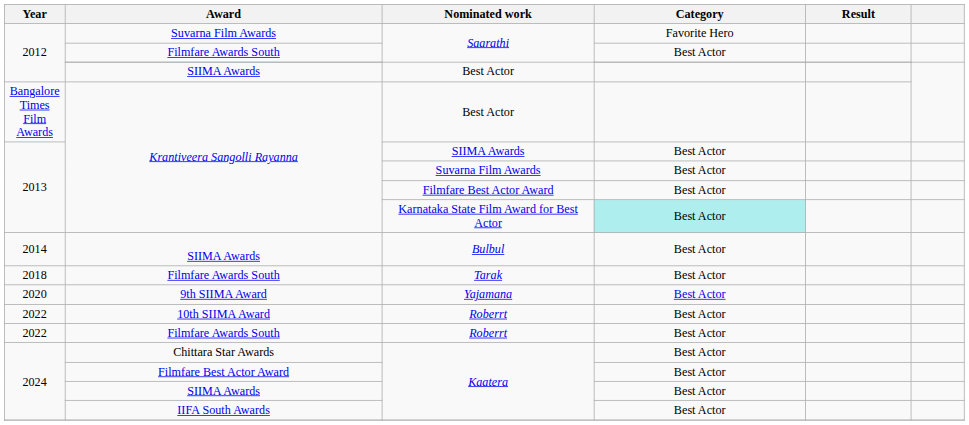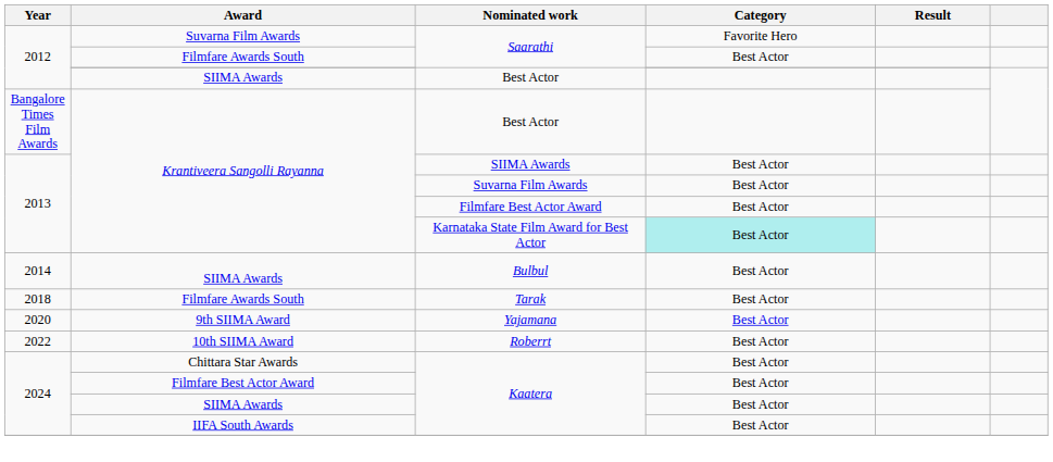 <table class="wikitable" width=100%>
 <tr>
 <th width=5%>Year</th>
 <th width=30%>Award</th>
 <th width=20%>Nominated work</th>
 <th width=20%>Category</th>
 <th width=10%>Result</th>
 <th width=5%></th>
 </tr>
 <tr>
 <td rowspan="4" style="text-align:center;">2012</td>
 <td style="text-align:center;"><a href='#'>Suvarna Film Awards</a></td>
 <td rowspan="3" style="text-align: center;"><em><a href='#'>Saarathi</a></em></td>
 <td style="text-align: center;">Favorite Hero</td>
 <td></td>
 <td style="text-align: center;"></td>
 </tr>
 <tr>
 <td style="text-align:center;"><a href='#'>Filmfare Awards South</a></td>
 <td style="text-align: center;">Best Actor</td>
 <td></td>
 <td style="text-align: center;"></td>
 </tr>
 <tr>
 </tr>
 <tr>
 <td style="text-align:center;"><a href='#'>SIIMA Awards</a></td>
 <td style="text-align: center;">Best Actor</td>
 <td></td>
 <td style="text-align: center;"></td>
 </tr>
 <tr>
 <td style="text-align:center;"><a href='#'>Bangalore Times Film Awards</a></td>
 <td rowspan="5" style="text-align: center;"><em><a href='#'>Krantiveera Sangolli Rayanna</a></em></td>
 <td style="text-align: center;">Best Actor</td>
 <td></td>
 <td style="text-align: center;"></td>
 </tr>
 <tr>
 <td rowspan="4" style="text-align:center;">2013</td>
 <td style="text-align:center;"><a href='#'>SIIMA Awards</a></td>
 <td style="text-align: center;">Best Actor</td>
 <td></td>
 <td style="text-align: center;"></td>
 </tr>
 <tr>
 <td style="text-align:center;"><a href='#'>Suvarna Film Awards</a></td>
 <td style="text-align: center;">Best Actor</td>
 <td></td>
 <td style="text-align: center;"></td>
 </tr>
 <tr>
 <td style="text-align:center;"><a href='#'>Filmfare Best Actor Award</a></td>
 <td style="text-align: center;">Best Actor</td>
 <td></td>
 <td style="text-align: center;"></td>
 </tr>
 <tr>
 <td style="text-align:center;"><a href='#'>Karnataka State Film Award for Best Actor</a></td>
 <td style="background: paleturquoise; text-align: center;">Best Actor</td>
 <td></td>
 <td style="text-align: center;"></td>
 </tr>
 <tr>
 <td style="text-align:center;">2014</td>
 <td style="text-align: center;"><br><a href='#'>SIIMA Awards</a></td>
 <td style="text-align: center;"><em><a href='#'>Bulbul</a></em></td>
 <td style="text-align: center;">Best Actor</td>
 <td></td>
 <td style="text-align: center;"></td>
 </tr>
 <tr>
 <td style="text-align:center;">2018</td>
 <td style="text-align: center;"><a href='#'>Filmfare Awards South</a></td>
 <td style="text-align: center;"><em><a href='#'>Tarak</a></em></td>
 <td style="text-align: center;">Best Actor</td>
 <td></td>
 <td style="text-align: center;"></td>
 </tr>
 <tr>
 <td style="text-align:center;">2020</td>
 <td style="text-align: center;"><a href='#'>9th SIIMA Award</a></td>
 <td style="text-align: center;"><em><a href='#'>Yajamana</a> </em></td>
 <td style="text-align: center;"><a href='#'>Best Actor</a></td>
 <td></td>
 <td style="text-align: center;"></td>
 </tr>
 <tr>
 <td style="text-align:center;">2022</td>
 <td style="text-align: center;"><a href='#'>10th SIIMA Award</a></td>
 <td style="text-align: center;"><em><a href='#'>Roberrt</a></em></td>
 <td style="text-align: center;">Best Actor</td>
 <td></td>
 <td style="text-align: center;"></td>
 </tr>
 <tr>
-<td style="text-align:center;">2022</td>
-<td style="text-align: center;"><a href='#'>Filmfare Awards South</a></td>
-<td style="text-align: center;"><em><a href='#'>Roberrt</a></em></td>
-<td style="text-align: center;">Best Actor</td>
-<td></td>
-<td style="text-align: center;"></td>
-</tr>
-<tr>
 <td rowspan="4" style="text-align:center;">2024</td>
 <td style="text-align:center;">Chittara Star Awards</td>
 <td rowspan="4" style="text-align: center;"><em><a href='#'>Kaatera</a></em></td>
 <td style="text-align: center;">Best Actor</td>
 <td></td>
 <td style="text-align: center;"></td>
 </tr>
 <tr>
 <td style="text-align:center;"><a href='#'>Filmfare Best Actor Award</a></td>
 <td style="text-align: center;">Best Actor</td>
 <td></td>
 <td style="text-align: center;"></td>
 </tr>
 <tr>
 <td style="text-align:center;"><a href='#'>SIIMA Awards</a></td>
 <td style="text-align: center;">Best Actor</td>
 <td></td>
 <td style="text-align: center;"></td>
 </tr>
 <tr>
 <td style="text-align:center;"><a href='#'>IIFA South Awards</a></td>
 <td style="text-align: center;">Best Actor</td>
 <td></td>
 <td style="text-align: center;"><br></td>
 </tr>
 <tr>
 </tr>
 </table>
